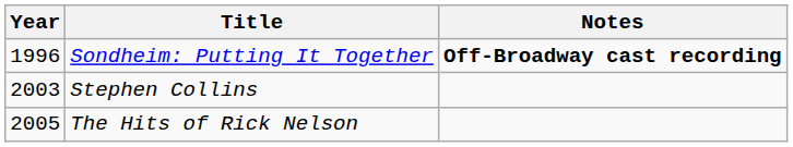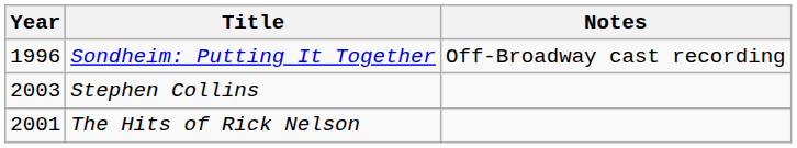 <table class="wikitable sortable">
 <tr>
 <th>Year</th>
 <th>Title</th>
 <th class="unsortable">Notes</th>
 </tr>
 <tr>
 <td>1996</td>
 <td><em><a href='#'>Sondheim: Putting It Together</a></em></td>
-<td><strong>Off-Broadway cast recording</strong></td>
+<td>Off-Broadway cast recording</td>
 </tr>
 <tr>
 <td>2003</td>
 <td><em>Stephen Collins</em></td>
 <td></td>
 </tr>
 <tr>
-<td>2005</td>
+<td>2001</td>
 <td><em>The Hits of Rick Nelson</em></td>
 <td></td>
 </tr>
 </table>
